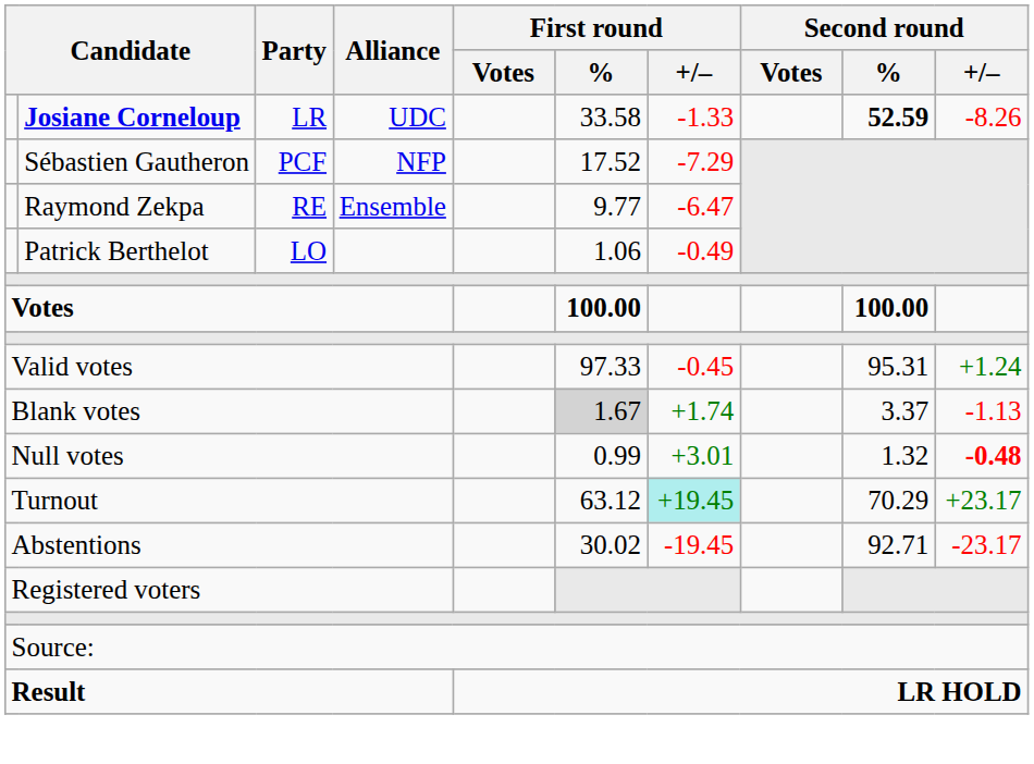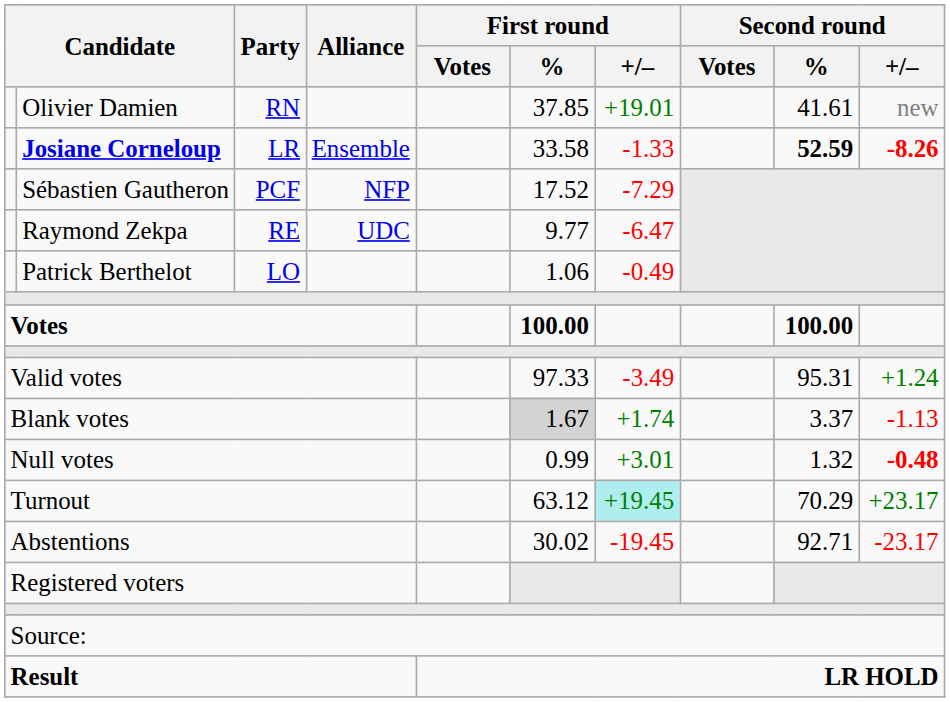 <table class="wikitable" style="text-align:right;font-size:95%;">
 <tr>
 <th rowspan="2" colspan="2">Candidate</th>
 <th colspan="1" rowspan="2">Party</th>
 <th colspan="1" rowspan="2">Alliance</th>
 <th colspan="3">First round</th>
 <th colspan="3">Second round</th>
 </tr>
 <tr>
 <th style="width:50px;">Votes</th>
 <th style="width:45px;">%</th>
 <th style="width:45px;">+/–</th>
 <th style="width:50px;">Votes</th>
 <th style="width:45px;">%</th>
 <th style="width:45px;">+/–</th>
 </tr>
 <tr>
 <td style="background:"></td>
+<td style="text-align:left;">Olivier Damien</td>
+<td><a href='#'>RN</a></td>
+<td></td>
+<td></td>
+<td>37.85</td>
+<td style="color:green;">+19.01</td>
+<td></td>
+<td>41.61</td>
+<td style="color:grey;">new</td>
+</tr>
+<tr>
+<td style="background:"></td>
 <td style="text-align:left;"><strong><a href='#'>Josiane Corneloup</a></strong></td>
 <td><a href='#'>LR</a></td>
-<td><a href='#'>UDC</a></td>
+<td><a href='#'>Ensemble</a></td>
 <td></td>
 <td>33.58</td>
 <td style="color:red;">-1.33</td>
 <td><strong></strong></td>
 <td><strong>52.59</strong></td>
-<td style="color:red;">-8.26</td>
+<td style="color:red;"><strong>-8.26</strong></td>
 </tr>
 <tr>
 <td style="background:"></td>
 <td style="text-align:left;">Sébastien Gautheron</td>
 <td><a href='#'>PCF</a></td>
 <td><a href='#'>NFP</a></td>
 <td></td>
 <td>17.52</td>
 <td style="color:red;">-7.29</td>
 <td colspan="3" rowspan="3" style="background:#E9E9E9;"></td>
 </tr>
 <tr>
 <td style="background:"></td>
 <td style="text-align:left;">Raymond Zekpa</td>
 <td><a href='#'>RE</a></td>
-<td><a href='#'>Ensemble</a></td>
+<td><a href='#'>UDC</a></td>
 <td></td>
 <td>9.77</td>
 <td style="color:red;">-6.47</td>
 </tr>
 <tr>
 <td style="background:"></td>
 <td style="text-align:left;">Patrick Berthelot</td>
 <td><a href='#'>LO</a></td>
 <td></td>
 <td></td>
 <td>1.06</td>
 <td style="color:red;">-0.49</td>
 </tr>
 <tr>
 <td colspan="10" style="background:#E9E9E9;"></td>
 </tr>
 <tr style="font-weight:bold;">
 <td colspan="4" style="text-align:left;">Votes</td>
 <td></td>
 <td>100.00</td>
 <td></td>
 <td></td>
 <td>100.00</td>
 <td></td>
 </tr>
 <tr>
 <td colspan="10" style="background:#E9E9E9;"></td>
 </tr>
 <tr>
 <td colspan="4" style="text-align:left;">Valid votes</td>
 <td></td>
 <td>97.33</td>
-<td style="color:red;">-0.45</td>
+<td style="color:red;">-3.49</td>
 <td></td>
 <td>95.31</td>
 <td style="color:green;">+1.24</td>
 </tr>
 <tr>
 <td colspan="4" style="text-align:left;">Blank votes</td>
 <td></td>
 <td style="background: lightgrey;">1.67</td>
 <td style="color:green;">+1.74</td>
 <td></td>
 <td>3.37</td>
 <td style="color:red;">-1.13</td>
 </tr>
 <tr>
 <td colspan="4" style="text-align:left;">Null votes</td>
 <td></td>
 <td>0.99</td>
 <td style="color:green;">+3.01</td>
 <td></td>
 <td>1.32</td>
 <td style="color:red;"><strong>-0.48</strong></td>
 </tr>
 <tr>
 <td colspan="4" style="text-align:left;">Turnout</td>
 <td></td>
 <td>63.12</td>
 <td style="background: paleturquoise; color:green;">+19.45</td>
 <td></td>
 <td>70.29</td>
 <td style="color:green;">+23.17</td>
 </tr>
 <tr>
 <td colspan="4" style="text-align:left;">Abstentions</td>
 <td></td>
 <td>30.02</td>
 <td style="color:red;">-19.45</td>
 <td></td>
 <td>92.71</td>
 <td style="color:red;">-23.17</td>
 </tr>
 <tr>
 <td colspan="4" style="text-align:left;">Registered voters</td>
 <td></td>
 <td colspan="2" style="background:#E9E9E9;"></td>
 <td></td>
 <td colspan="2" style="background:#E9E9E9;"></td>
 </tr>
 <tr>
 <td colspan="10" style="background:#E9E9E9;"></td>
 </tr>
 <tr>
 <td colspan="10" style="text-align:left;">Source: </td>
 </tr>
 <tr style="font-weight:bold">
 <td colspan="4" style="text-align:left;">Result</td>
 <td colspan="6" style="background-color:">LR HOLD</td>
 </tr>
 </table>
